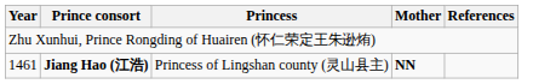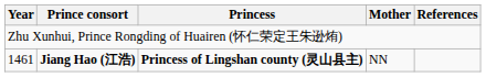 <table class="wikitable">
 <tr>
 <th>Year</th>
 <th>Prince consort</th>
 <th>Princess</th>
 <th>Mother</th>
 <th>References</th>
 </tr>
 <tr>
 <td colspan="5">Zhu Xunhui, Prince Rongding of Huairen (怀仁荣定王朱逊烠)</td>
 </tr>
 <tr>
 <td>1461</td>
 <td><strong>Jiang Hao (江浩)</strong></td>
-<td>Princess of Lingshan county (灵山县主)</td>
-<td><strong>NN</strong></td>
+<td><strong>Princess of Lingshan county (灵山县主)</strong></td>
+<td>NN</td>
 <td></td>
 </tr>
 </table>
